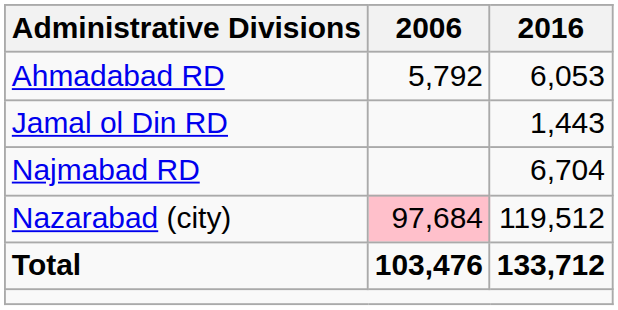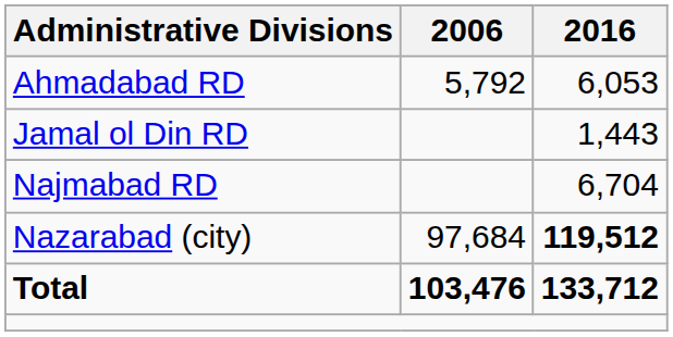 <table class="wikitable">
 <tr>
 <th>Administrative Divisions</th>
 <th>2006</th>
 <th>2016</th>
 </tr>
 <tr>
 <td><a href='#'>Ahmadabad RD</a></td>
 <td style="text-align: right;">5,792</td>
 <td style="text-align: right;">6,053</td>
 </tr>
 <tr>
 <td><a href='#'>Jamal ol Din RD</a></td>
 <td style="text-align: right;"></td>
 <td style="text-align: right;">1,443</td>
 </tr>
 <tr>
 <td><a href='#'>Najmabad RD</a></td>
 <td style="text-align: right;"></td>
 <td style="text-align: right;">6,704</td>
 </tr>
 <tr>
 <td><a href='#'>Nazarabad</a> (city)</td>
-<td style="background: pink; text-align: right;">97,684</td>
-<td style="text-align: right;">119,512</td>
+<td style="text-align: right;">97,684</td>
+<td style="text-align: right;"><strong>119,512</strong></td>
 </tr>
 <tr>
 <td><strong>Total</strong></td>
 <td style="text-align: right;"><strong>103,476</strong></td>
 <td style="text-align: right;"><strong>133,712</strong></td>
 </tr>
 <tr>
 <td colspan=4></td>
 </tr>
 </table>
